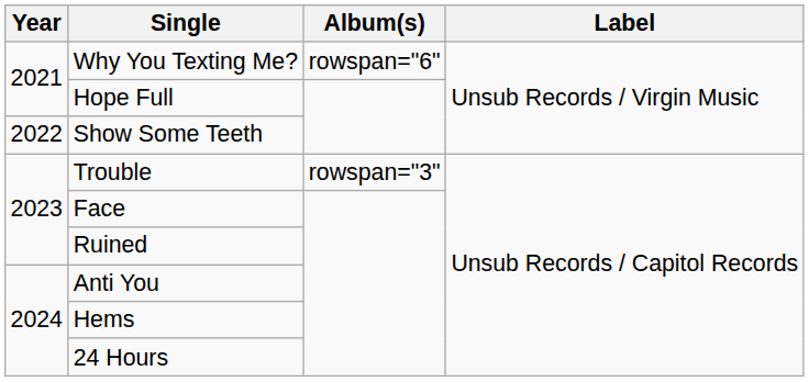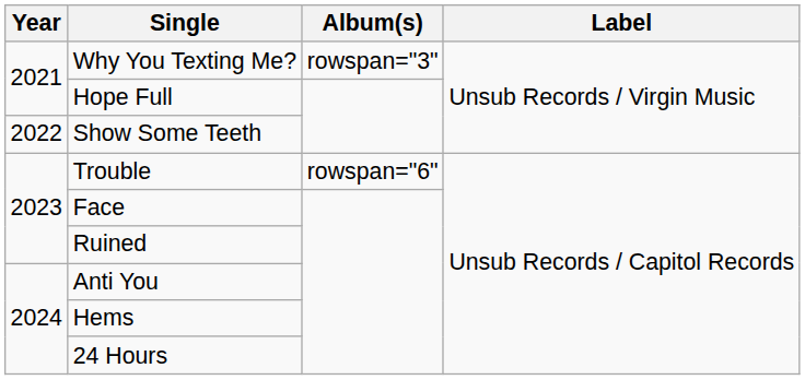 <table class="wikitable">
 <tr>
 <th>Year</th>
 <th>Single</th>
 <th>Album(s)</th>
 <th>Label</th>
 </tr>
 <tr>
 <td rowspan="2">2021</td>
 <td>Why You Texting Me?</td>
-<td>rowspan="6" </td>
+<td>rowspan="3" </td>
 <td rowspan="3">Unsub Records / Virgin Music</td>
 </tr>
 <tr>
 <td>Hope Full</td>
 </tr>
 <tr>
 <td>2022</td>
 <td>Show Some Teeth</td>
 </tr>
 <tr>
 <td rowspan="3">2023</td>
 <td>Trouble</td>
-<td>rowspan="3" </td>
+<td>rowspan="6" </td>
 <td rowspan="6">Unsub Records / Capitol Records</td>
 </tr>
 <tr>
 <td>Face</td>
 </tr>
 <tr>
 <td>Ruined</td>
 </tr>
 <tr>
 <td rowspan="3">2024</td>
 <td>Anti You</td>
 </tr>
 <tr>
 <td>Hems</td>
 </tr>
 <tr>
 <td>24 Hours</td>
 </tr>
 </table>
